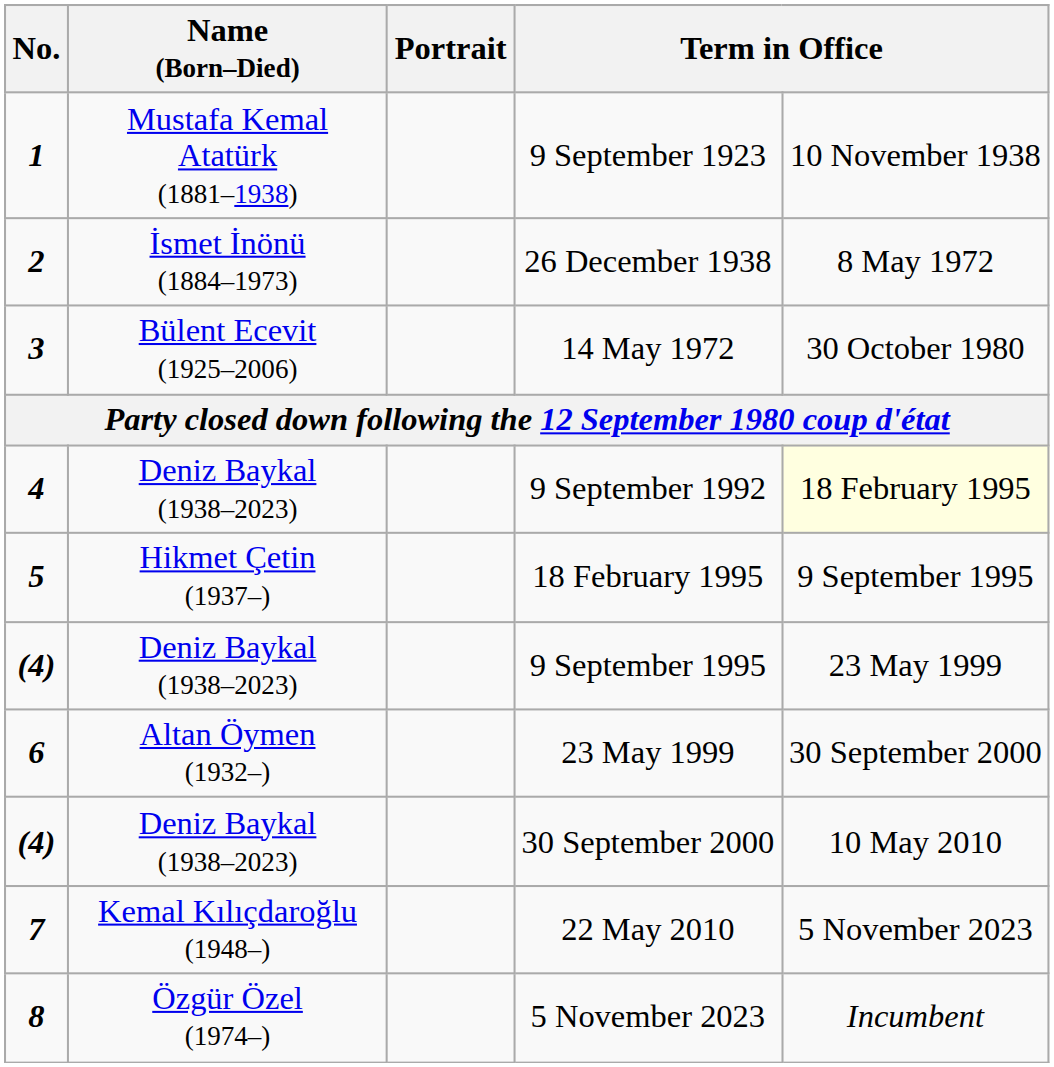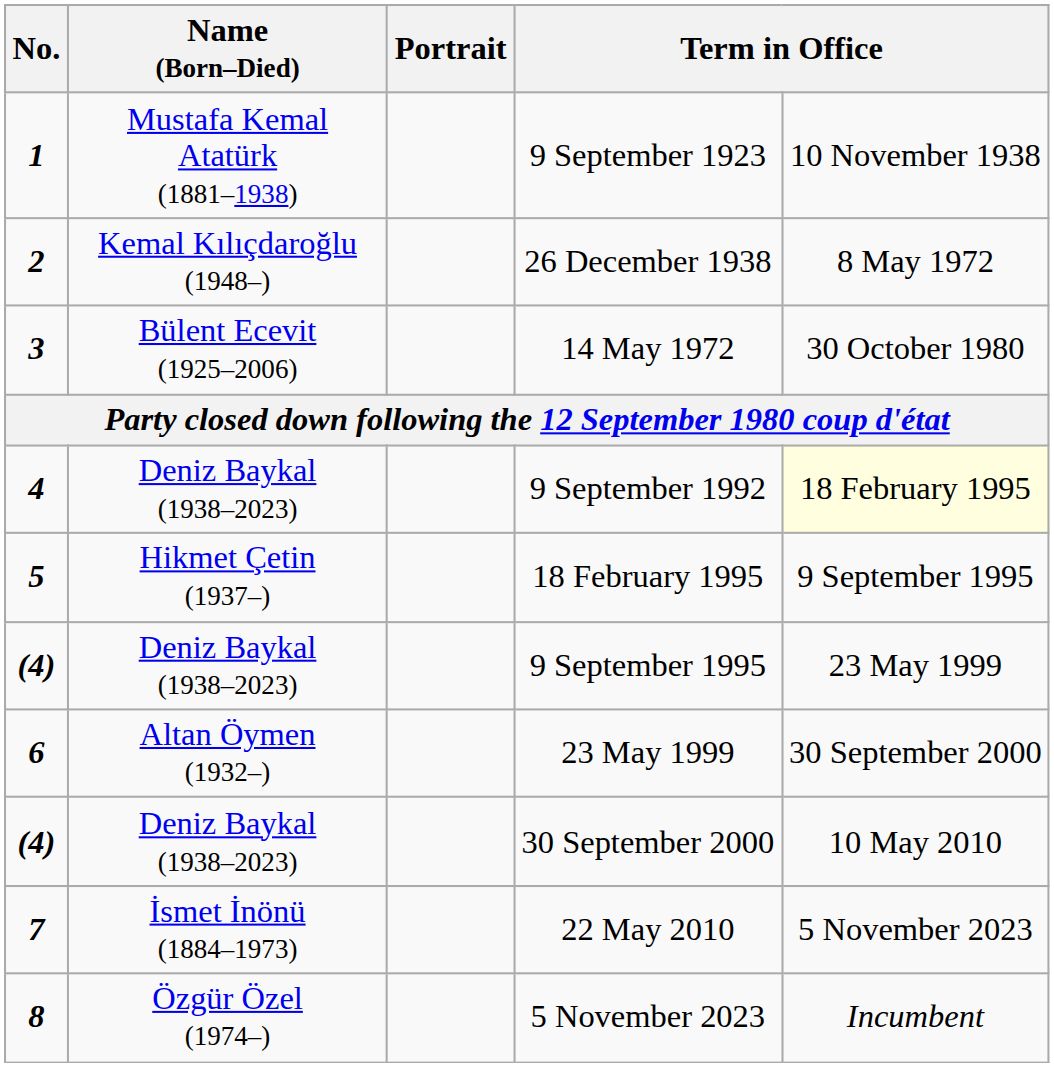 <table class="wikitable" style="text-align:center">
 <tr>
 <th>No.</th>
 <th width="150">Name<br><small>(Born–Died)</small></th>
 <th>Portrait</th>
 <th colspan="2">Term in Office</th>
 </tr>
 <tr>
 <td style="background: "><strong><em>1</em></strong></td>
 <td><a href='#'>Mustafa Kemal Atatürk</a><br><small>(1881–<a href='#'>1938</a>)</small></td>
 <td></td>
 <td>9 September 1923</td>
 <td>10 November 1938</td>
 </tr>
 <tr>
 <td style="background: "><strong><em>2</em></strong></td>
-<td><a href='#'>İsmet İnönü</a><br><small>(1884–1973)</small></td>
+<td><a href='#'>Kemal Kılıçdaroğlu</a><br><small>(1948–)</small></td>
 <td></td>
 <td>26 December 1938</td>
 <td>8 May 1972</td>
 </tr>
 <tr>
 <td style="background: "><strong><em>3</em></strong></td>
 <td><a href='#'>Bülent Ecevit</a><br><small>(1925–2006)</small></td>
 <td></td>
 <td>14 May 1972</td>
 <td>30 October 1980</td>
 </tr>
 <tr>
 <th colspan="5"><em>Party closed down following the <a href='#'>12 September 1980 coup d'état</a></em></th>
 </tr>
 <tr>
 <td style="background: "><strong><em>4</em></strong></td>
 <td><a href='#'>Deniz Baykal</a><br><small>(1938–2023)</small></td>
 <td></td>
 <td>9 September 1992</td>
 <td style="background: lightyellow;">18 February 1995</td>
 </tr>
 <tr>
 <td style="background: "><strong><em>5</em></strong></td>
 <td><a href='#'>Hikmet Çetin</a><br><small>(1937–)</small></td>
 <td></td>
 <td>18 February 1995</td>
 <td>9 September 1995</td>
 </tr>
 <tr>
 <td style="background: "><strong><em>(4)</em></strong></td>
 <td><a href='#'>Deniz Baykal</a><br><small>(1938–2023)</small></td>
 <td></td>
 <td>9 September 1995</td>
 <td>23 May 1999</td>
 </tr>
 <tr>
 <td style="background: "><strong><em>6</em></strong></td>
 <td><a href='#'>Altan Öymen</a><br><small>(1932–)</small></td>
 <td></td>
 <td>23 May 1999</td>
 <td>30 September 2000</td>
 </tr>
 <tr>
 <td style="background: "><strong><em>(4)</em></strong></td>
 <td><a href='#'>Deniz Baykal</a><br><small>(1938–2023)</small></td>
 <td></td>
 <td>30 September 2000</td>
 <td>10 May 2010</td>
 </tr>
 <tr>
 <td style="background: "><strong><em>7</em></strong></td>
-<td><a href='#'>Kemal Kılıçdaroğlu</a><br><small>(1948–)</small></td>
+<td><a href='#'>İsmet İnönü</a><br><small>(1884–1973)</small></td>
 <td></td>
 <td>22 May 2010</td>
 <td>5 November 2023</td>
 </tr>
 <tr>
 <td style="background: "><strong><em>8</em></strong></td>
 <td><a href='#'>Özgür Özel</a><br><small>(1974–)</small></td>
 <td></td>
 <td>5 November 2023</td>
 <td><em>Incumbent</em></td>
 </tr>
 </table>
